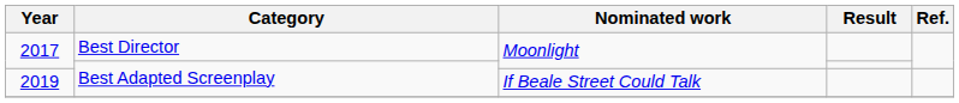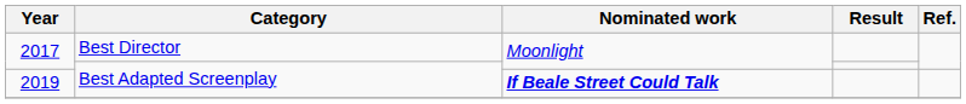 <table class=wikitable>
 <tr>
 <th scope="col" style="width:4em;">Year</th>
 <th scope="col" style="width:32em;">Category</th>
 <th scope="col" style="width:24em;">Nominated work</th>
 <th scope="col" style="width:5em;">Result</th>
 <th>Ref.</th>
 </tr>
 <tr>
 <td style="text-align:center;", rowspan="2"><a href='#'>2017</a></td>
 <td><a href='#'>Best Director</a></td>
 <td rowspan="2"><em><a href='#'>Moonlight</a></em></td>
 <td></td>
 <td rowspan="2"></td>
 </tr>
 <tr>
 <td rowspan="2"><a href='#'>Best Adapted Screenplay</a></td>
 <td></td>
 </tr>
 <tr>
 <td align="center"><a href='#'>2019</a></td>
-<td><em><a href='#'>If Beale Street Could Talk</a></em></td>
+<td><strong><em><a href='#'>If Beale Street Could Talk</a></em></strong></td>
 <td></td>
 <td></td>
 </tr>
 <tr>
 </tr>
 </table>
